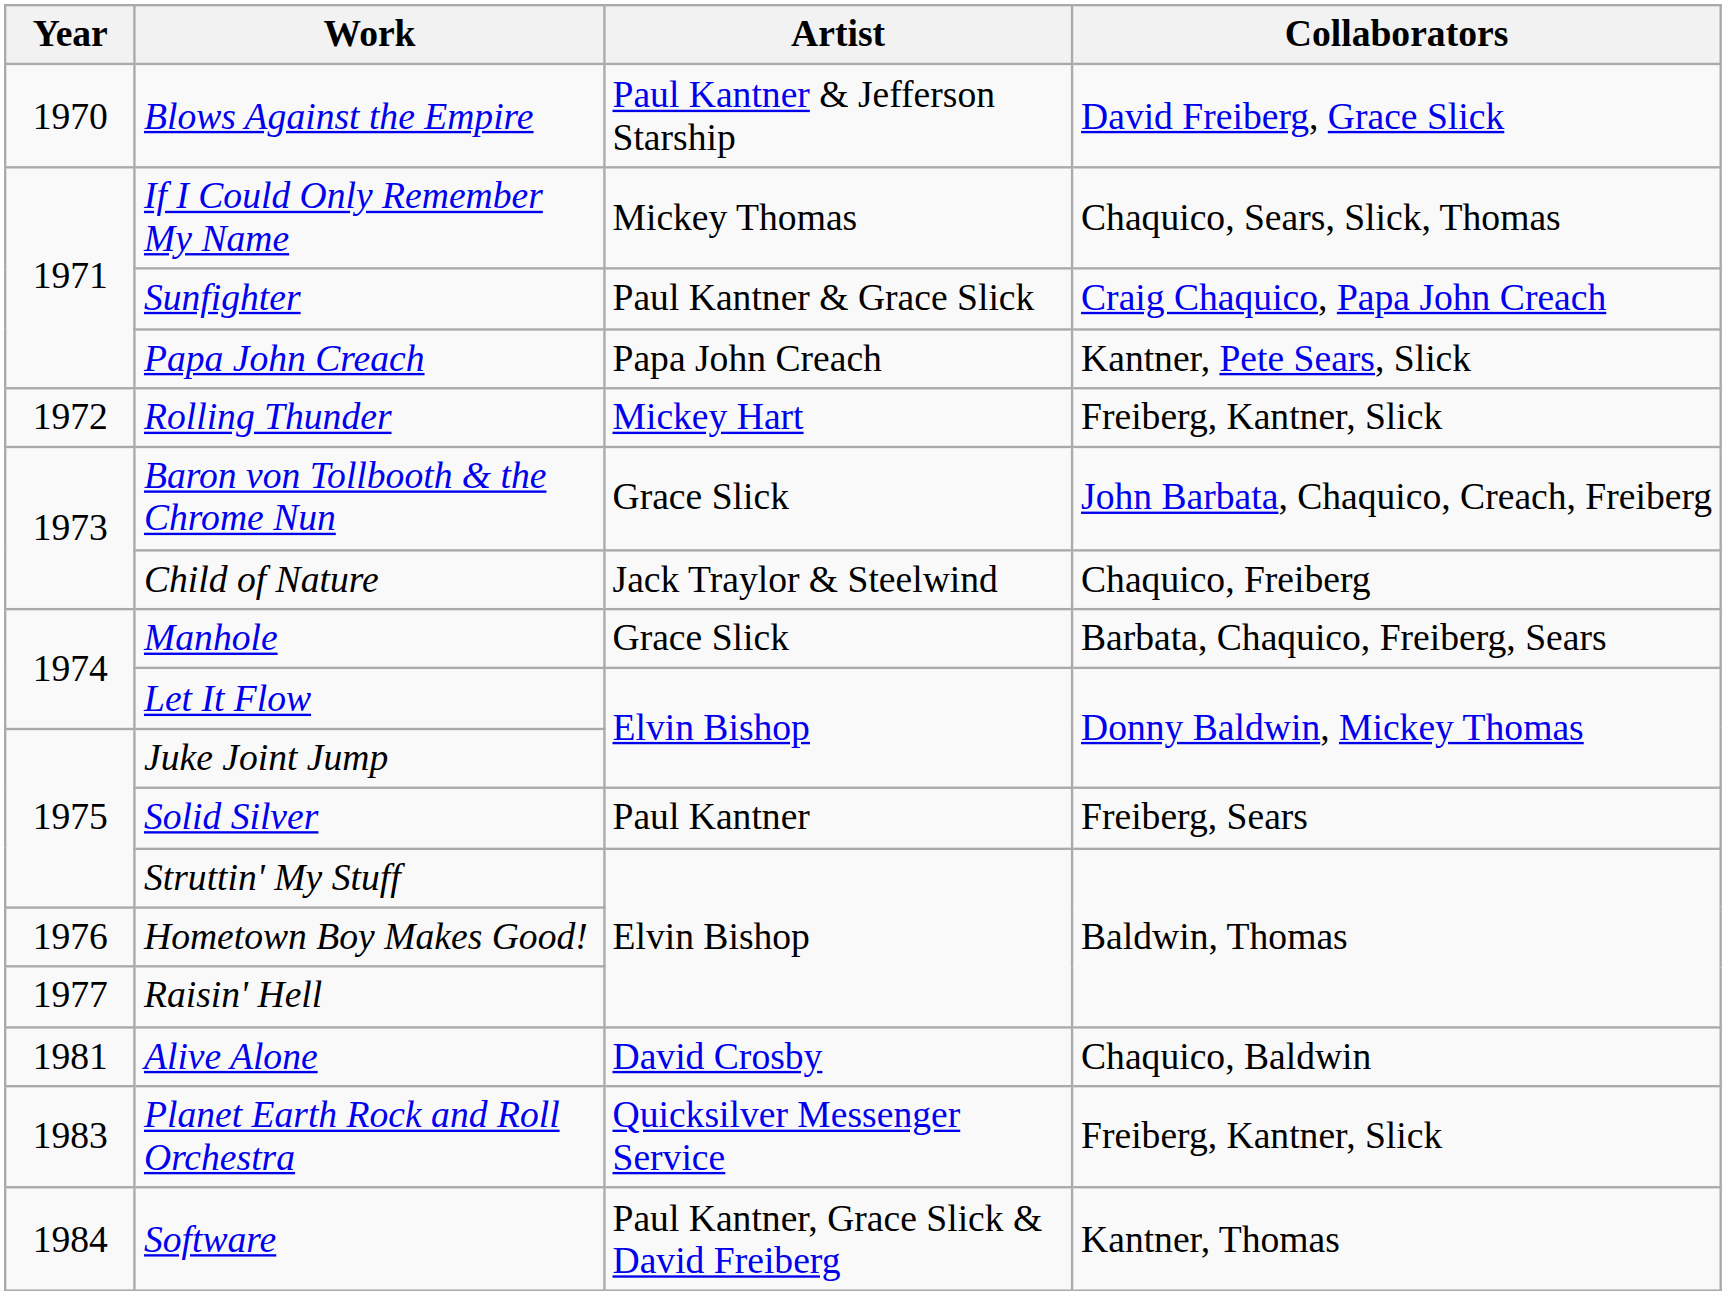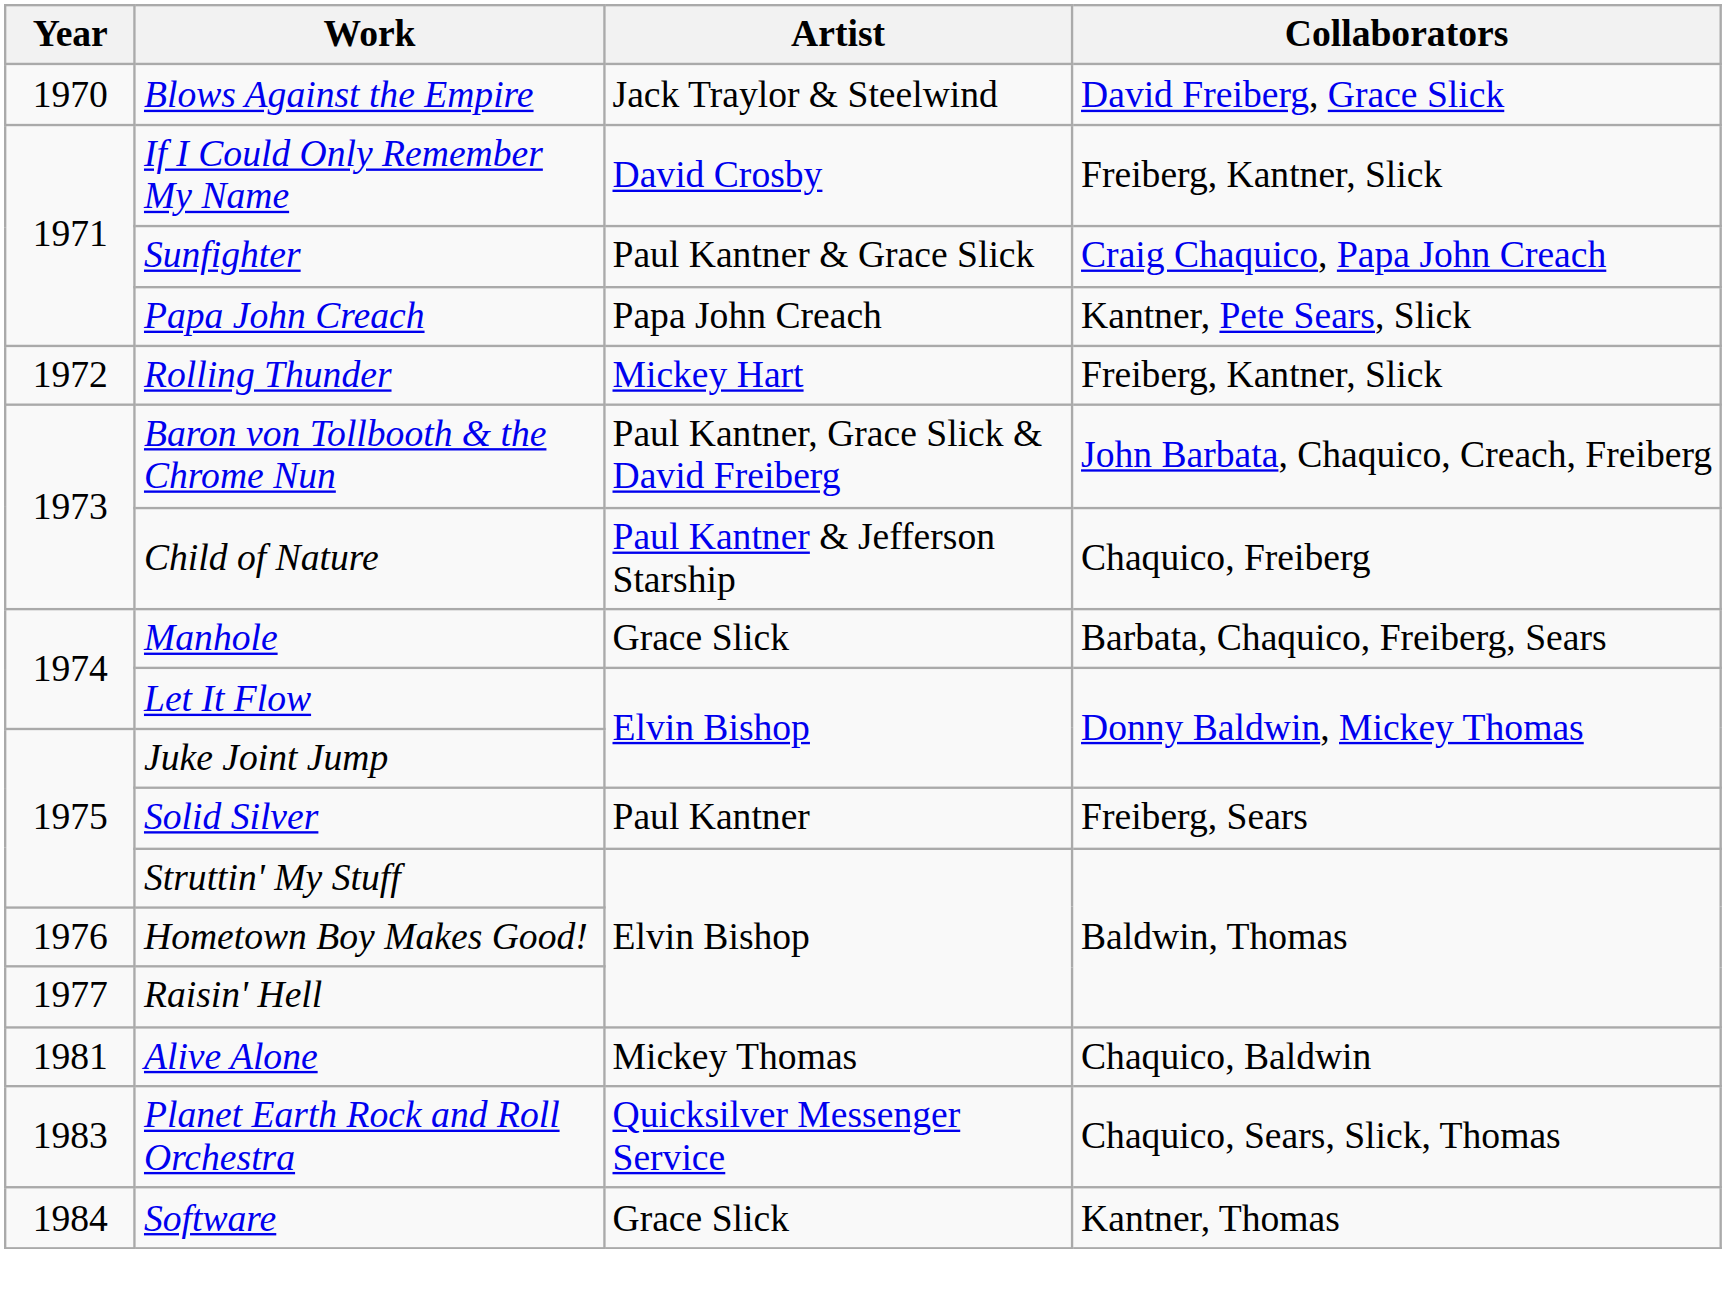 <table class="wikitable sortable">
 <tr>
 <th style="width:3em">Year</th>
 <th style="width:12em">Work</th>
 <th style="width:12em">Artist</th>
 <th class="unsortable">Collaborators</th>
 </tr>
 <tr>
 <td align="center">1970</td>
 <td><em><a href='#'>Blows Against the Empire</a></em></td>
-<td><a href='#'>Paul Kantner</a> & Jefferson Starship</td>
+<td>Jack Traylor & Steelwind</td>
 <td><a href='#'>David Freiberg</a>, <a href='#'>Grace Slick</a></td>
 </tr>
 <tr>
 <td align="center" rowspan="3">1971</td>
 <td><em><a href='#'>If I Could Only Remember My Name</a></em></td>
-<td>Mickey Thomas</td>
-<td>Chaquico, Sears, Slick, Thomas</td>
+<td><a href='#'>David Crosby</a></td>
+<td>Freiberg, Kantner, Slick</td>
 </tr>
 <tr>
 <td><em><a href='#'>Sunfighter</a></em></td>
 <td>Paul Kantner & Grace Slick</td>
 <td><a href='#'>Craig Chaquico</a>, <a href='#'>Papa John Creach</a></td>
 </tr>
 <tr>
 <td><em><a href='#'>Papa John Creach</a></em></td>
 <td>Papa John Creach</td>
 <td>Kantner, <a href='#'>Pete Sears</a>, Slick</td>
 </tr>
 <tr>
 <td align="center">1972</td>
 <td><em><a href='#'>Rolling Thunder</a></em></td>
 <td><a href='#'>Mickey Hart</a></td>
 <td>Freiberg, Kantner, Slick</td>
 </tr>
 <tr>
 <td align="center" rowspan="2">1973</td>
 <td><em><a href='#'>Baron von Tollbooth & the Chrome Nun</a></em></td>
-<td>Grace Slick</td>
+<td>Paul Kantner, Grace Slick & <a href='#'>David Freiberg</a></td>
 <td><a href='#'>John Barbata</a>, Chaquico, Creach, Freiberg</td>
 </tr>
 <tr>
 <td><em>Child of Nature</em></td>
-<td>Jack Traylor & Steelwind</td>
+<td><a href='#'>Paul Kantner</a> & Jefferson Starship</td>
 <td>Chaquico, Freiberg</td>
 </tr>
 <tr>
 <td align="center" rowspan="2">1974</td>
 <td><em><a href='#'>Manhole</a></em></td>
 <td>Grace Slick</td>
 <td>Barbata, Chaquico, Freiberg, Sears</td>
 </tr>
 <tr>
 <td><em><a href='#'>Let It Flow</a></em></td>
 <td rowspan="2"><a href='#'>Elvin Bishop</a></td>
 <td rowspan="2"><a href='#'>Donny Baldwin</a>, <a href='#'>Mickey Thomas</a></td>
 </tr>
 <tr>
 <td align="center" rowspan="3">1975</td>
 <td><em>Juke Joint Jump</em></td>
 </tr>
 <tr>
 <td><em><a href='#'>Solid Silver</a></em></td>
 <td>Paul Kantner</td>
 <td>Freiberg, Sears</td>
 </tr>
 <tr>
 <td><em>Struttin' My Stuff</em></td>
 <td rowspan="3">Elvin Bishop</td>
 <td rowspan="3">Baldwin, Thomas</td>
 </tr>
 <tr>
 <td align="center">1976</td>
 <td><em>Hometown Boy Makes Good!</em></td>
 </tr>
 <tr>
 <td align="center">1977</td>
 <td><em>Raisin' Hell</em></td>
 </tr>
 <tr>
 <td align="center">1981</td>
 <td><em><a href='#'>Alive Alone</a></em></td>
-<td><a href='#'>David Crosby</a></td>
+<td>Mickey Thomas</td>
 <td>Chaquico, Baldwin</td>
 </tr>
 <tr>
 <td align="center">1983</td>
 <td><em><a href='#'>Planet Earth Rock and Roll Orchestra</a></em></td>
 <td><a href='#'>Quicksilver Messenger Service</a></td>
-<td>Freiberg, Kantner, Slick</td>
+<td>Chaquico, Sears, Slick, Thomas</td>
 </tr>
 <tr>
 <td align="center">1984</td>
 <td><em><a href='#'>Software</a></em></td>
-<td>Paul Kantner, Grace Slick & <a href='#'>David Freiberg</a></td>
+<td>Grace Slick</td>
 <td>Kantner, Thomas</td>
 </tr>
 </table>
